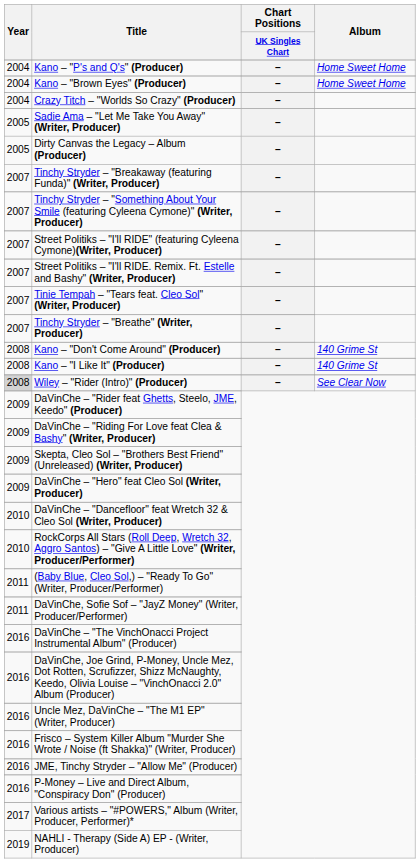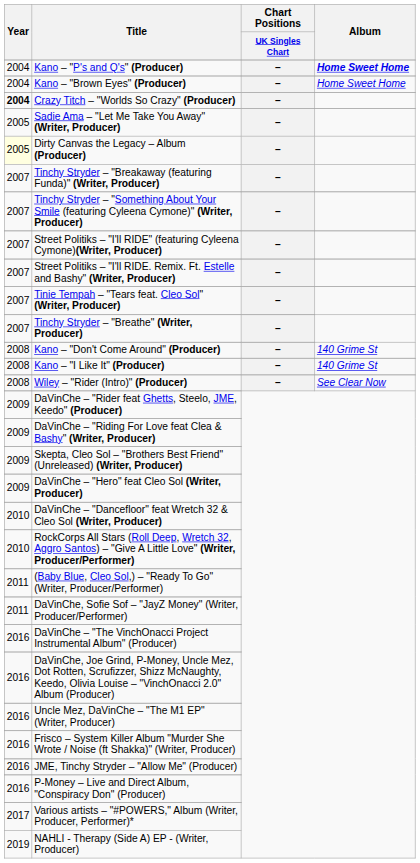 <table class="wikitable">
 <tr>
 <th align="center"width="10" rowspan="2">Year</th>
 <th align="center"width="320" rowspan="2">Title</th>
 <th align="center"width="107" colspan="1">Chart Positions</th>
 <th align="center"width="150" rowspan="2">Album</th>
 </tr>
 <tr>
 <th width="107"><small><a href='#'>UK Singles Chart</a></small></th>
 </tr>
 <tr>
 </tr>
 <tr>
 <td>2004</td>
 <td><a href='#'>Kano</a> – "<a href='#'>P's and Q's</a>" <strong>(Producer)</strong></td>
 <th>–</th>
-<td><em><a href='#'>Home Sweet Home</a></em></td>
+<td><strong><em><a href='#'>Home Sweet Home</a></em></strong></td>
 </tr>
 <tr>
 </tr>
 <tr>
 <td>2004</td>
 <td><a href='#'>Kano</a> – "Brown Eyes" <strong>(Producer)</strong></td>
 <th>–</th>
 <td><em><a href='#'>Home Sweet Home</a></em></td>
 </tr>
 <tr>
 </tr>
 <tr>
 </tr>
 <tr>
 </tr>
 <tr>
-<td>2004</td>
+<td><strong>2004</strong></td>
 <td><a href='#'>Crazy Titch</a> – "Worlds So Crazy" <strong>(Producer)</strong></td>
 <th>–</th>
 <td></td>
 </tr>
 <tr>
 </tr>
 <tr>
 <td>2005</td>
 <td><a href='#'>Sadie Ama</a> – "Let Me Take You Away" <strong>(Writer, Producer)</strong></td>
 <th>–</th>
 <td></td>
 </tr>
 <tr>
-<td>2005</td>
+<td style="background: lightyellow;">2005</td>
 <td>Dirty Canvas the Legacy – Album <strong>(Producer)</strong></td>
 <th>–</th>
 <td></td>
 </tr>
 <tr>
 <td>2007</td>
 <td><a href='#'>Tinchy Stryder</a> – "Breakaway (featuring Funda)" <strong>(Writer, Producer)</strong></td>
 <th>–</th>
 <td></td>
 </tr>
 <tr>
 </tr>
 <tr>
 <td>2007</td>
 <td><a href='#'>Tinchy Stryder</a> – "<a href='#'>Something About Your Smile</a> (featuring Cyleena Cymone)" <strong>(Writer, Producer)</strong></td>
 <th>–</th>
 <td></td>
 </tr>
 <tr>
 </tr>
 <tr>
 <td>2007</td>
 <td>Street Politiks – "I'll RIDE" (featuring Cyleena Cymone)<strong>(Writer, Producer)</strong></td>
 <th>–</th>
 <td></td>
 </tr>
 <tr>
 </tr>
 <tr>
 </tr>
 <tr>
 </tr>
 <tr>
 </tr>
 <tr>
 </tr>
 <tr>
 <td>2007</td>
 <td>Street Politiks – "I'll RIDE. Remix. Ft. <a href='#'>Estelle</a> and Bashy" <strong>(Writer, Producer)</strong></td>
 <th>–</th>
 <td></td>
 </tr>
 <tr>
 </tr>
 <tr>
 </tr>
 <tr>
 </tr>
 <tr>
 <td>2007</td>
 <td><a href='#'>Tinie Tempah</a> – "Tears feat. <a href='#'>Cleo Sol</a>" <strong>(Writer, Producer)</strong></td>
 <th>–</th>
 <td></td>
 </tr>
 <tr>
 </tr>
 <tr>
 <td>2007</td>
 <td><a href='#'>Tinchy Stryder</a> – "Breathe" <strong>(Writer, Producer)</strong></td>
 <th>–</th>
 </tr>
 <tr>
 </tr>
 <tr>
 </tr>
 <tr>
 </tr>
 <tr>
 <td>2008</td>
 <td><a href='#'>Kano</a> – "Don't Come Around" <strong>(Producer)</strong></td>
 <th>–</th>
 <td><em><a href='#'>140 Grime St</a></em></td>
 </tr>
 <tr>
 </tr>
 <tr>
 </tr>
 <tr>
 <td>2008</td>
 <td><a href='#'>Kano</a> – "I Like It" <strong>(Producer)</strong></td>
 <th>–</th>
 <td><em><a href='#'>140 Grime St</a></em></td>
 </tr>
 <tr>
 </tr>
 <tr>
 </tr>
 <tr>
-<td style="background: lightgrey;">2008</td>
+<td>2008</td>
 <td><a href='#'>Wiley</a> – "Rider (Intro)" <strong>(Producer)</strong></td>
 <th>–</th>
 <td><em><a href='#'>See Clear Now</a></em></td>
 </tr>
 <tr>
 </tr>
 <tr>
 </tr>
 <tr>
 <td>2009</td>
 <td>DaVinChe – "Rider feat <a href='#'>Ghetts</a>, Steelo, <a href='#'>JME</a>, Keedo" <strong>(Producer)</strong></td>
 </tr>
 <tr>
 </tr>
 <tr>
 </tr>
 <tr>
 </tr>
 <tr>
 <td>2009</td>
 <td>DaVinChe – "Riding For Love feat Clea & <a href='#'>Bashy</a>" <strong>(Writer, Producer)</strong></td>
 </tr>
 <tr>
 </tr>
 <tr>
 </tr>
 <tr>
 </tr>
 <tr>
 <td>2009</td>
 <td>Skepta, Cleo Sol – "Brothers Best Friend" (Unreleased) <strong>(Writer, Producer)</strong></td>
 </tr>
 <tr>
 </tr>
 <tr>
 </tr>
 <tr>
 </tr>
 <tr>
 <td>2009</td>
 <td>DaVinChe – "Hero" feat Cleo Sol <strong>(Writer, Producer)</strong></td>
 </tr>
 <tr>
 </tr>
 <tr>
 </tr>
 <tr>
 </tr>
 <tr>
 <td>2010</td>
 <td>DaVinChe – "Dancefloor" feat Wretch 32 & Cleo Sol <strong>(Writer, Producer)</strong></td>
 </tr>
 <tr>
 </tr>
 <tr>
 </tr>
 <tr>
 </tr>
 <tr>
 <td>2010</td>
 <td>RockCorps All Stars (<a href='#'>Roll Deep</a>, <a href='#'>Wretch 32</a>, <a href='#'>Aggro Santos</a>) – "Give A Little Love" <strong>(Writer, Producer/Performer)<em></td>
 </tr>
 <tr>
 </tr>
 <tr>
 </tr>
 <tr>
 </tr>
 <tr>
 </tr>
 <tr>
 <td>2011</td>
 <td>(<a href='#'>Baby Blue</a>, <a href='#'>Cleo Sol</a>,) – "Ready To Go" </strong>(Writer, Producer/Performer)<strong></td>
 </tr>
 <tr>
 </tr>
 <tr>
 </tr>
 <tr>
 </tr>
 <tr>
 </tr>
 <tr>
 <td>2011</td>
 <td>DaVinChe, Sofie Sof – "JayZ Money" </strong>(Writer, Producer/Performer)<strong></td>
 </tr>
 <tr>
 </tr>
 <tr>
 </tr>
 <tr>
 </tr>
 <tr>
 </tr>
 <tr>
 <td>2016</td>
 <td>DaVinChe – "The VinchOnacci Project Instrumental Album" </strong>(Producer)<strong></td>
 </tr>
 <tr>
 </tr>
 <tr>
 </tr>
 <tr>
 </tr>
 <tr>
 </tr>
 <tr>
 <td>2016</td>
 <td>DaVinChe, Joe Grind, P-Money, Uncle Mez, Dot Rotten, Scrufizzer, Shizz McNaughty, Keedo, Olivia Louise – "VinchOnacci 2.0" Album </strong>(Producer)<strong></td>
 </tr>
 <tr>
 </tr>
 <tr>
 </tr>
 <tr>
 </tr>
 <tr>
 </tr>
 <tr>
 <td>2016</td>
 <td>Uncle Mez, DaVinChe – "The M1 EP" </strong>(Writer, Producer)<strong></td>
 </tr>
 <tr>
 </tr>
 <tr>
 </tr>
 <tr>
 </tr>
 <tr>
 </tr>
 <tr>
 <td>2016</td>
 <td>Frisco – System Killer Album "Murder She Wrote / Noise (ft Shakka)" </strong>(Writer, Producer)<strong></td>
 </tr>
 <tr>
 </tr>
 <tr>
 </tr>
 <tr>
 </tr>
 <tr>
 </tr>
 <tr>
 <td>2016</td>
 <td>JME, Tinchy Stryder – "Allow Me" </strong>(Producer)<strong></td>
 </tr>
 <tr>
 </tr>
 <tr>
 </tr>
 <tr>
 </tr>
 <tr>
 </tr>
 <tr>
 <td>2016</td>
 <td>P-Money – Live and Direct Album, "Conspiracy Don" </strong>(Producer)<strong></td>
 </tr>
 <tr>
 </tr>
 <tr>
 </tr>
 <tr>
 </tr>
 <tr>
 </tr>
 <tr>
 <td>2017</td>
 <td>Various artists – "#POWERS," Album </strong>(Writer, Producer,  Performer)*<strong></td>
 </tr>
 <tr>
 <td>2019</td>
 <td>NAHLI - Therapy (Side A) EP - </strong>(Writer, Producer)<strong></td>
 </tr>
 </table>
